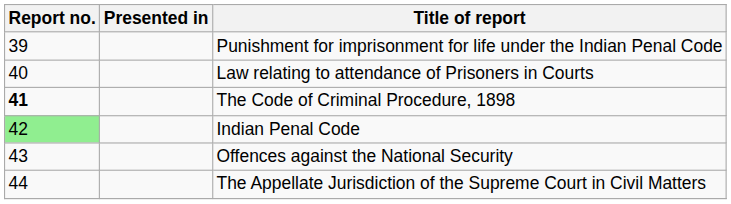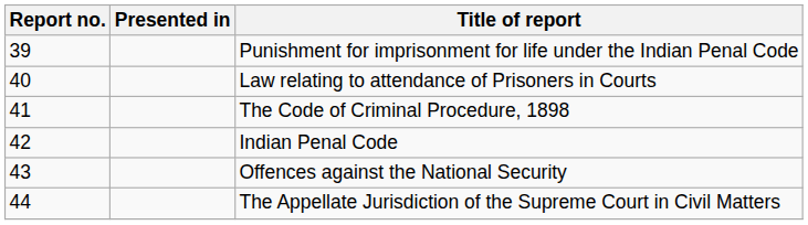 <table class="wikitable">
 <tr>
 <th>Report no.</th>
 <th>Presented in</th>
 <th>Title of report</th>
 </tr>
 <tr>
 <td>39</td>
 <td></td>
 <td>Punishment for imprisonment for life under the Indian Penal Code</td>
 </tr>
 <tr>
 <td>40</td>
 <td></td>
 <td>Law relating to attendance of Prisoners in Courts</td>
 </tr>
 <tr>
-<td><strong>41</strong></td>
+<td>41</td>
 <td></td>
 <td>The Code of Criminal Procedure, 1898</td>
 </tr>
 <tr>
-<td style="background: lightgreen;">42</td>
+<td>42</td>
 <td></td>
 <td>Indian Penal Code</td>
 </tr>
 <tr>
 <td>43</td>
 <td></td>
 <td>Offences against the National Security</td>
 </tr>
 <tr>
 <td>44</td>
 <td></td>
 <td>The Appellate Jurisdiction of the Supreme Court in Civil Matters</td>
 </tr>
 <tr>
 </tr>
 </table>
